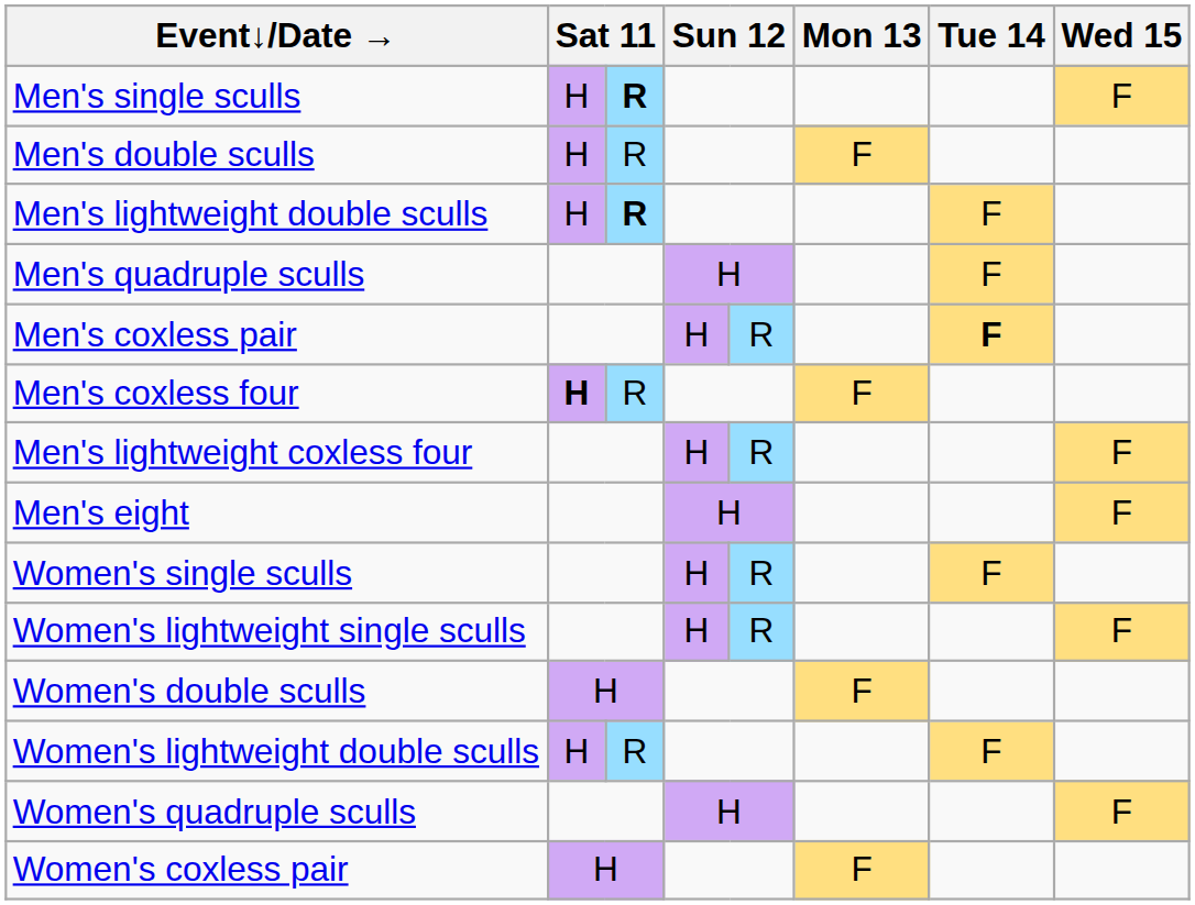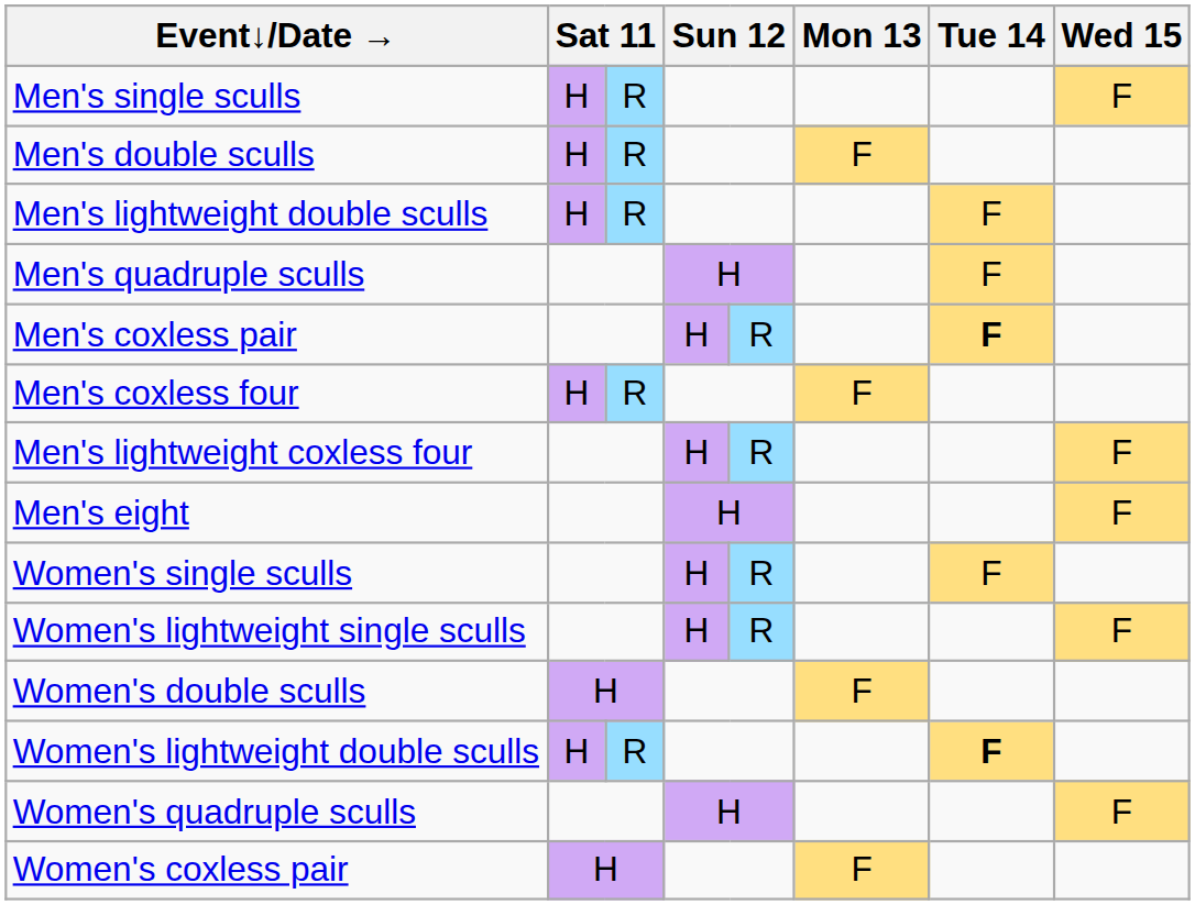 <table class="wikitable" style="margin:0.5em auto; font-size:90%; line-height:1.25em;">
 <tr style="text-align:center;">
 <th>Event↓/Date →</th>
 <th colspan=2>Sat 11</th>
 <th colspan=2>Sun 12</th>
 <th>Mon 13</th>
 <th>Tue 14</th>
 <th>Wed 15</th>
 </tr>
 <tr style="text-align:center;">
 <td style="text-align:left;"><a href='#'>Men's single sculls</a></td>
 <td style="background-color:#D0A9F5;">H</td>
-<td style="background-color:#97DEFF;"><strong>R</strong></td>
+<td style="background-color:#97DEFF;">R</td>
 <td colspan=2></td>
 <td></td>
 <td></td>
 <td style="background-color:#FFDF80;">F</td>
 </tr>
 <tr style="text-align:center;">
 <td style="text-align:left;"><a href='#'>Men's double sculls</a></td>
 <td style="background-color:#D0A9F5;">H</td>
 <td style="background-color:#97DEFF;">R</td>
 <td colspan=2></td>
 <td style="background-color:#FFDF80;">F</td>
 <td></td>
 <td></td>
 </tr>
 <tr style="text-align:center;">
 <td style="text-align:left;"><a href='#'>Men's lightweight double sculls</a></td>
 <td style="background-color:#D0A9F5;">H</td>
-<td style="background-color:#97DEFF;"><strong>R</strong></td>
+<td style="background-color:#97DEFF;">R</td>
 <td colspan=2></td>
 <td></td>
 <td style="background-color:#FFDF80;">F</td>
 <td></td>
 </tr>
 <tr style="text-align:center;">
 <td style="text-align:left;"><a href='#'>Men's quadruple sculls</a></td>
 <td colspan=2></td>
 <td colspan=2 style="background-color:#D0A9F5;">H</td>
 <td></td>
 <td style="background-color:#FFDF80;">F</td>
 <td></td>
 </tr>
 <tr style="text-align:center;">
 <td style="text-align:left;"><a href='#'>Men's coxless pair</a></td>
 <td colspan=2></td>
 <td style="background-color:#D0A9F5;">H</td>
 <td style="background-color:#97DEFF;">R</td>
 <td></td>
 <td style="background-color:#FFDF80;"><strong>F</strong></td>
 <td></td>
 </tr>
 <tr style="text-align:center;">
 <td style="text-align:left;"><a href='#'>Men's coxless four</a></td>
-<td style="background-color:#D0A9F5;"><strong>H</strong></td>
+<td style="background-color:#D0A9F5;">H</td>
 <td style="background-color:#97DEFF;">R</td>
 <td colspan=2></td>
 <td style="background-color:#FFDF80;">F</td>
 <td></td>
 <td></td>
 </tr>
 <tr style="text-align:center;">
 <td style="text-align:left;"><a href='#'>Men's lightweight coxless four</a></td>
 <td colspan=2></td>
 <td style="background-color:#D0A9F5;">H</td>
 <td style="background-color:#97DEFF;">R</td>
 <td></td>
 <td></td>
 <td style="background-color:#FFDF80;">F</td>
 </tr>
 <tr style="text-align:center;">
 <td style="text-align:left;"><a href='#'>Men's eight</a></td>
 <td colspan=2></td>
 <td colspan=2 style="background-color:#D0A9F5;">H</td>
 <td></td>
 <td></td>
 <td style="background-color:#FFDF80;">F</td>
 </tr>
 <tr style="text-align:center;">
 <td style="text-align:left;"><a href='#'>Women's single sculls</a></td>
 <td colspan=2></td>
 <td style="background-color:#D0A9F5;">H</td>
 <td style="background-color:#97DEFF;">R</td>
 <td></td>
 <td style="background-color:#FFDF80;">F</td>
 <td></td>
 </tr>
 <tr style="text-align:center;">
 <td style="text-align:left;"><a href='#'>Women's lightweight single sculls</a></td>
 <td colspan=2></td>
 <td style="background-color:#D0A9F5;">H</td>
 <td style="background-color:#97DEFF;">R</td>
 <td></td>
 <td></td>
 <td style="background-color:#FFDF80;">F</td>
 </tr>
 <tr style="text-align:center;">
 <td style="text-align:left;"><a href='#'>Women's double sculls</a></td>
 <td colspan=2 style="background-color:#D0A9F5;">H</td>
 <td colspan=2></td>
 <td style="background-color:#FFDF80;">F</td>
 <td></td>
 <td></td>
 </tr>
 <tr style="text-align:center;">
 <td style="text-align:left;"><a href='#'>Women's lightweight double sculls</a></td>
 <td style="background-color:#D0A9F5;">H</td>
 <td style="background-color:#97DEFF;">R</td>
 <td colspan=2></td>
 <td></td>
-<td style="background-color:#FFDF80;">F</td>
+<td style="background-color:#FFDF80;"><strong>F</strong></td>
 <td></td>
 </tr>
 <tr style="text-align:center;">
 <td style="text-align:left;"><a href='#'>Women's quadruple sculls</a></td>
 <td colspan=2></td>
 <td colspan=2 style="background-color:#D0A9F5;">H</td>
 <td></td>
 <td></td>
 <td style="background-color:#FFDF80;">F</td>
 </tr>
 <tr style="text-align:center;">
 <td style="text-align:left;"><a href='#'>Women's coxless pair</a></td>
 <td colspan=2 style="background-color:#D0A9F5;">H</td>
 <td colspan=2></td>
 <td style="background-color:#FFDF80;">F</td>
 <td></td>
 <td></td>
 </tr>
 </table>
